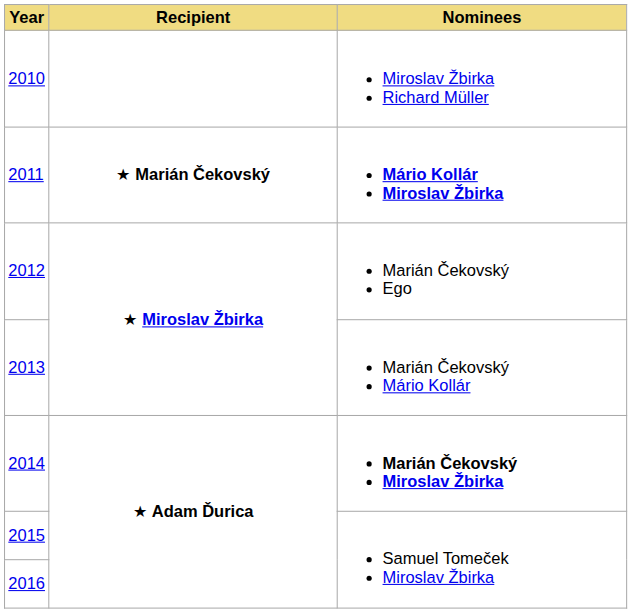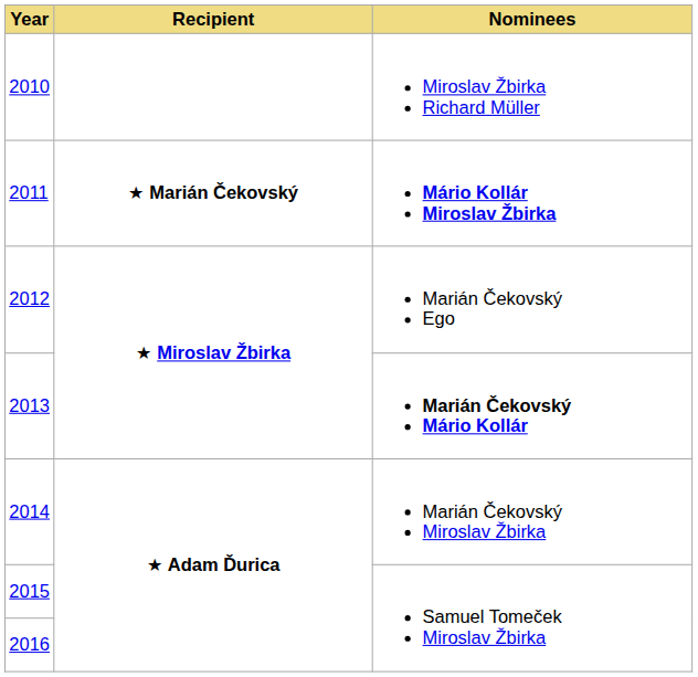 <table class=wikitable sortable style="background:white">
 <tr>
 <th style=background:#F0DC82>Year</th>
 <th style=background:#F0DC82 width=273>Recipient</th>
 <th style=background:#F0DC82 width=273>Nominees</th>
 </tr>
 <tr>
 <td><a href='#'>2010</a></td>
 <td align=center></td>
 <td><br><ul><li><a href='#'>Miroslav Žbirka</a></li><li><a href='#'>Richard Müller</a></li></ul></td>
 </tr>
 <tr>
 <td><a href='#'>2011</a></td>
 <td align=center>★ <strong>Marián Čekovský</strong></td>
 <td><strong><br><ul><li><a href='#'>Mário Kollár</a></li><li><a href='#'>Miroslav Žbirka</a></li></ul></strong></td>
 </tr>
 <tr>
 <td><a href='#'>2012</a></td>
 <td align=center rowspan=2>★ <strong><a href='#'>Miroslav Žbirka</a></strong> <br></td>
 <td><br><ul><li>Marián Čekovský</li><li>Ego</li></ul></td>
 </tr>
 <tr>
 <td><a href='#'>2013</a></td>
-<td><br><ul><li>Marián Čekovský</li><li><a href='#'>Mário Kollár</a></li></ul></td>
+<td><strong><br><ul><li>Marián Čekovský</li><li><a href='#'>Mário Kollár</a></li></ul></strong></td>
 </tr>
 <tr>
 <td><a href='#'>2014</a></td>
 <td align=center rowspan=3>★ <strong>Adam Ďurica</strong> <br></td>
-<td><strong><br><ul><li>Marián Čekovský</li><li><a href='#'>Miroslav Žbirka</a></li></ul></strong></td>
+<td><br><ul><li>Marián Čekovský</li><li><a href='#'>Miroslav Žbirka</a></li></ul></td>
 </tr>
 <tr>
 <td><a href='#'>2015</a></td>
 <td rowspan=2><br><ul><li>Samuel Tomeček</li><li><a href='#'>Miroslav Žbirka</a></li></ul></td>
 </tr>
 <tr>
 <td><a href='#'>2016</a></td>
 </tr>
 </table>
